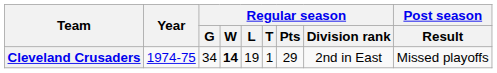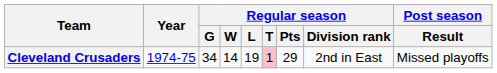 <table class="wikitable" style="font-size: 95%; text-align:center;">
 <tr>
 <th rowspan="2">Team</th>
 <th rowspan="2">Year</th>
 <th colspan="6"><a href='#'>Regular season</a></th>
 <th colspan="1"><a href='#'>Post season</a></th>
 </tr>
 <tr>
 <th>G</th>
 <th>W</th>
 <th>L</th>
 <th>T</th>
 <th>Pts</th>
 <th>Division rank</th>
 <th>Result</th>
 </tr>
 <tr>
 <th><a href='#'>Cleveland Crusaders</a></th>
 <td><a href='#'>1974-75</a></td>
 <td>34</td>
-<td><strong>14</strong></td>
+<td>14</td>
 <td>19</td>
-<td>1</td>
+<td style="background: pink;">1</td>
 <td>29</td>
 <td>2nd in East</td>
 <td>Missed playoffs</td>
 </tr>
 </table>
